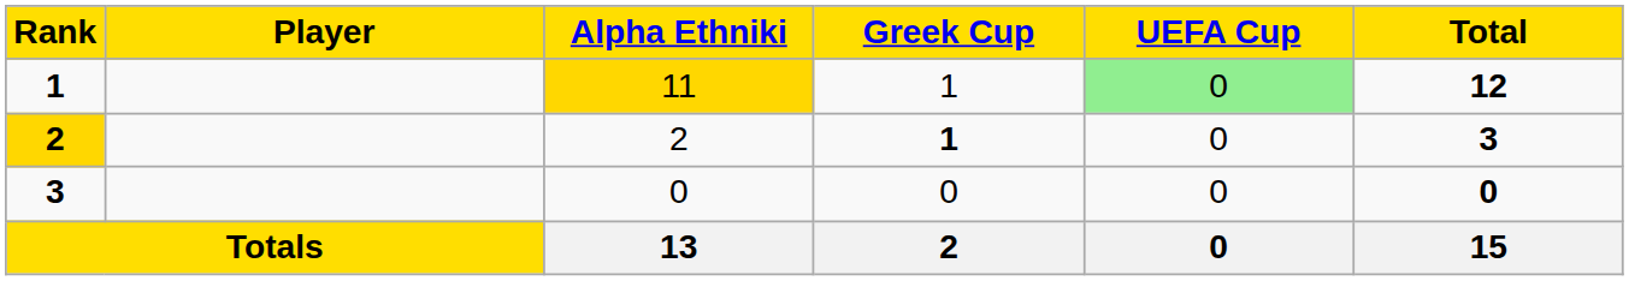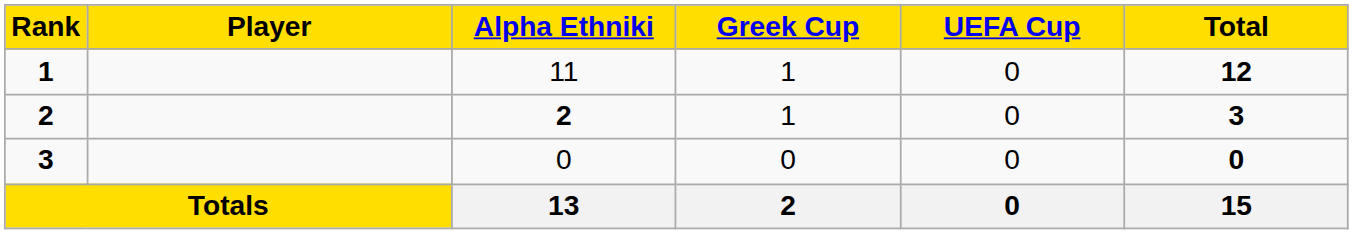 <table class="wikitable sortable" style="text-align:center">
 <tr>
 <th style="background:#FFDE00">Rank</th>
 <th width=200 style="background:#FFDE00">Player</th>
 <th width=120 style="background:#FFDE00"><a href='#'>Alpha Ethniki</a></th>
 <th width=120 style="background:#FFDE00"><a href='#'>Greek Cup</a></th>
 <th width=120 style="background:#FFDE00"><a href='#'>UEFA Cup</a></th>
 <th width=120 style="background:#FFDE00">Total</th>
 </tr>
 <tr>
 <td><strong>1</strong></td>
 <td align=left></td>
-<td style="background: gold;">11</td>
+<td>11</td>
 <td>1</td>
-<td style="background: lightgreen;">0</td>
+<td>0</td>
 <td><strong>12</strong></td>
 </tr>
 <tr>
-<td style="background: gold;"><strong>2</strong></td>
+<td><strong>2</strong></td>
 <td align=left></td>
-<td>2</td>
-<td><strong>1</strong></td>
+<td><strong>2</strong></td>
+<td>1</td>
 <td>0</td>
 <td><strong>3</strong></td>
 </tr>
 <tr>
 <td><strong>3</strong></td>
 <td align=left></td>
 <td>0</td>
 <td>0</td>
 <td>0</td>
 <td><strong>0</strong></td>
 </tr>
 <tr class="sortbottom">
 <th colspan=2 style="background:#FFDE00"><strong>Totals</strong></th>
 <th><strong>13</strong></th>
 <th><strong> 2</strong></th>
 <th><strong> 0</strong></th>
 <th><strong>15</strong></th>
 </tr>
 </table>
